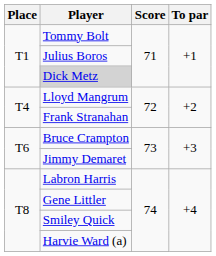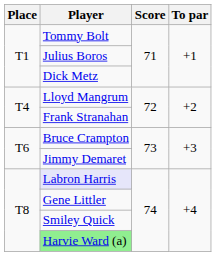 <table class=wikitable>
 <tr>
 <th>Place</th>
 <th>Player</th>
 <th>Score</th>
 <th>To par</th>
 </tr>
 <tr>
 <td rowspan=3 align=center>T1</td>
 <td> <a href='#'>Tommy Bolt</a></td>
 <td rowspan=3 align=center>71</td>
 <td rowspan=3 align=center>+1</td>
 </tr>
 <tr>
 <td> <a href='#'>Julius Boros</a></td>
 </tr>
 <tr>
-<td style="background: lightgrey;"> <a href='#'>Dick Metz</a></td>
+<td> <a href='#'>Dick Metz</a></td>
 </tr>
 <tr>
 <td rowspan=2 align=center>T4</td>
 <td> <a href='#'>Lloyd Mangrum</a></td>
 <td rowspan=2 align=center>72</td>
 <td rowspan=2 align=center>+2</td>
 </tr>
 <tr>
 <td> <a href='#'>Frank Stranahan</a></td>
 </tr>
 <tr>
 <td rowspan=2 align=center>T6</td>
 <td> <a href='#'>Bruce Crampton</a></td>
 <td rowspan=2 align=center>73</td>
 <td rowspan=2 align=center>+3</td>
 </tr>
 <tr>
 <td> <a href='#'>Jimmy Demaret</a></td>
 </tr>
 <tr>
 <td rowspan=4 align=center>T8</td>
-<td> <a href='#'>Labron Harris</a></td>
+<td style="background: lavender;"> <a href='#'>Labron Harris</a></td>
 <td rowspan=4 align=center>74</td>
 <td rowspan=4 align=center>+4</td>
 </tr>
 <tr>
 <td> <a href='#'>Gene Littler</a></td>
 </tr>
 <tr>
 <td> <a href='#'>Smiley Quick</a></td>
 </tr>
 <tr>
-<td> <a href='#'>Harvie Ward</a> (a)</td>
+<td style="background: lightgreen;"> <a href='#'>Harvie Ward</a> (a)</td>
 </tr>
 </table>
